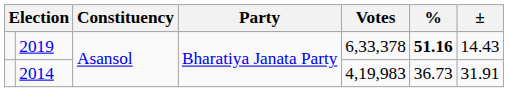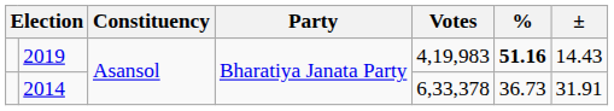 <table class="wikitable">
 <tr>
 <th colspan="2">Election</th>
 <th>Constituency</th>
 <th>Party</th>
 <th>Votes</th>
 <th>%</th>
 <th>±</th>
 </tr>
 <tr>
 <td style="background-color: "></td>
 <td><a href='#'>2019</a></td>
 <td rowspan="2"><a href='#'>Asansol</a></td>
 <td rowspan="2"><a href='#'>Bharatiya Janata Party</a></td>
-<td>6,33,378</td>
+<td>4,19,983</td>
 <td><strong>51.16</strong></td>
 <td> 14.43</td>
 </tr>
 <tr>
 <td style="background-color: "></td>
 <td><a href='#'>2014</a></td>
-<td>4,19,983</td>
+<td>6,33,378</td>
 <td>36.73</td>
 <td> 31.91</td>
 </tr>
 </table>
